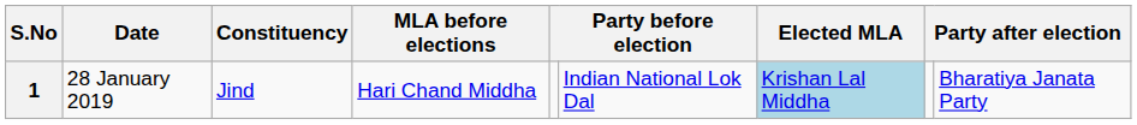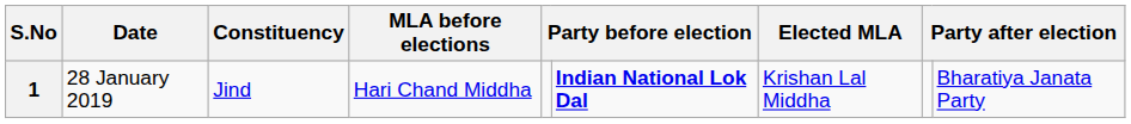 <table class="wikitable sortable">
 <tr>
 <th>S.No</th>
 <th>Date</th>
 <th>Constituency</th>
 <th>MLA before elections</th>
 <th colspan="2">Party before election</th>
 <th>Elected MLA</th>
 <th colspan="2">Party after election</th>
 </tr>
 <tr>
 <th>1</th>
 <td>28 January 2019</td>
 <td><a href='#'>Jind</a></td>
 <td><a href='#'>Hari Chand Middha</a></td>
 <td></td>
-<td><a href='#'>Indian National Lok Dal</a></td>
-<td style="background: lightblue;"><a href='#'>Krishan Lal Middha</a></td>
+<td><strong><a href='#'>Indian National Lok Dal</a></strong></td>
+<td><a href='#'>Krishan Lal Middha</a></td>
 <td></td>
 <td><a href='#'>Bharatiya Janata Party</a></td>
 </tr>
 </table>
